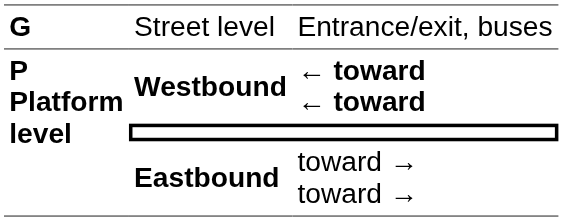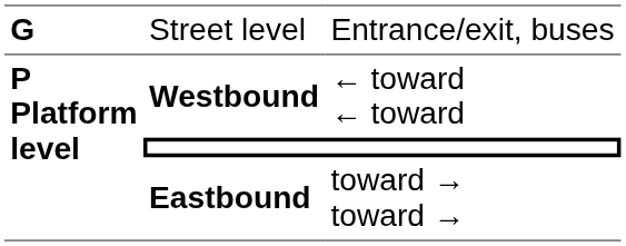 <table table border=0 cellspacing=0 cellpadding=3>
 <tr>
 <td style="border-top:solid 1px gray" width=50 valign=top><strong>G</strong></td>
 <td style="border-top:solid 1px gray" valign=top>Street level</td>
 <td style="border-top:solid 1px gray" valign=top>Entrance/exit, buses</td>
 </tr>
 <tr>
 <td style="border-top:solid 1px gray;border-bottom:solid 1px gray" width=50 rowspan=3 valign=top><strong>P <br>Platform level</strong></td>
 <td style="border-top:solid 1px gray"><strong>Westbound</strong></td>
-<td style="border-top:solid 1px gray"><strong>←  toward  <br>←  toward  </strong></td>
+<td style="border-top:solid 1px gray">←  toward  <br>←  toward  </td>
 </tr>
 <tr>
 <td style="border-top:solid 2px black;border-right:solid 2px black;border-left:solid 2px black;border-bottom:solid 2px black;text-align:center" colspan=2></td>
 </tr>
 <tr>
 <td style="border-bottom:solid 1px gray"><strong>Eastbound</strong></td>
 <td style="border-bottom:solid 1px gray">  toward   →<br>  toward   →</td>
 </tr>
 </table>
